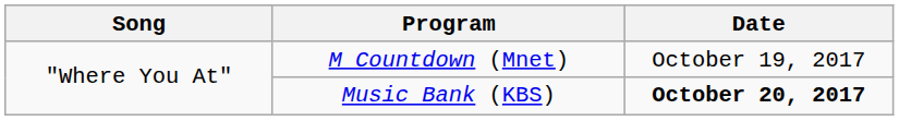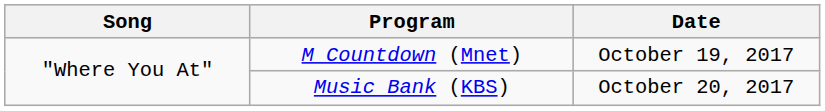 <table class="wikitable" style="text-align:center;">
 <tr>
 <th style="width:150px;">Song</th>
 <th style="width:200px;">Program</th>
 <th style="width:150px;">Date</th>
 </tr>
 <tr>
 <td rowspan="2">"Where You At"</td>
 <td><em><a href='#'>M Countdown</a></em> (<a href='#'>Mnet</a>)</td>
 <td>October 19, 2017</td>
 </tr>
 <tr>
 <td><em><a href='#'>Music Bank</a></em> (<a href='#'>KBS</a>)</td>
-<td><strong>October 20, 2017</strong></td>
+<td>October 20, 2017</td>
 </tr>
 </table>
